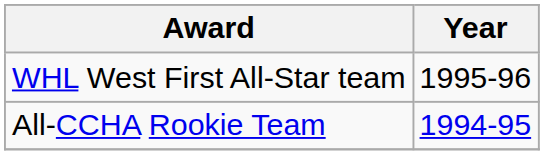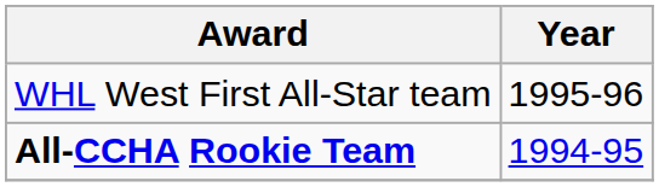 <table class="wikitable">
 <tr>
 <th>Award</th>
 <th>Year</th>
 </tr>
 <tr>
 <td><a href='#'>WHL</a> West First All-Star team</td>
 <td>1995-96</td>
 </tr>
 <tr>
-<td>All-<a href='#'>CCHA</a> <a href='#'>Rookie Team</a></td>
+<td><strong>All-<a href='#'>CCHA</a> <a href='#'>Rookie Team</a></strong></td>
 <td><a href='#'>1994-95</a></td>
 </tr>
 <tr>
 </tr>
 </table>
